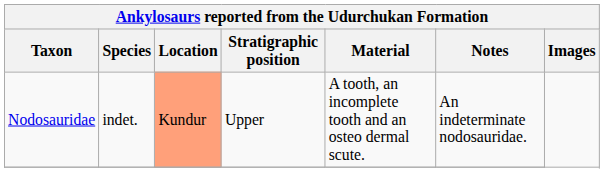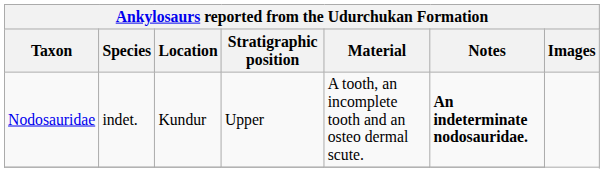 <table class="wikitable" align="center">
 <tr>
 <th colspan="7" align="center"><strong><a href='#'>Ankylosaurs</a> reported from the Udurchukan Formation</strong></th>
 </tr>
 <tr>
 <th>Taxon</th>
 <th>Species</th>
 <th>Location</th>
 <th>Stratigraphic position</th>
 <th>Material</th>
 <th>Notes</th>
 <th>Images</th>
 </tr>
 <tr>
 <td><a href='#'>Nodosauridae</a></td>
 <td>indet.</td>
-<td style="background: lightsalmon;">Kundur</td>
+<td>Kundur</td>
 <td>Upper</td>
 <td>A tooth, an incomplete tooth and an osteo dermal scute.</td>
-<td>An indeterminate nodosauridae.</td>
+<td><strong>An indeterminate nodosauridae.</strong></td>
 </tr>
 <tr>
 </tr>
 </table>
